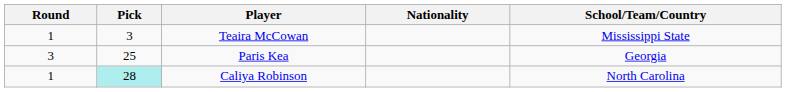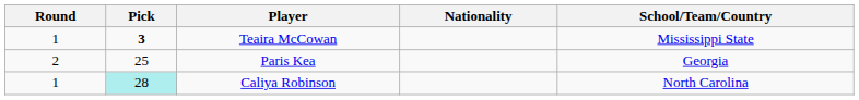 <table class="wikitable" style="text-align:center; width:60em">
 <tr>
 <th>Round</th>
 <th>Pick</th>
 <th>Player</th>
 <th>Nationality</th>
 <th>School/Team/Country</th>
 </tr>
 <tr>
 <td>1</td>
-<td>3</td>
+<td><strong>3</strong></td>
 <td><a href='#'>Teaira McCowan</a></td>
 <td></td>
 <td><a href='#'>Mississippi State</a></td>
 </tr>
 <tr>
-<td>3</td>
+<td>2</td>
 <td>25</td>
 <td><a href='#'>Paris Kea</a></td>
 <td></td>
 <td><a href='#'>Georgia</a></td>
 </tr>
 <tr>
 <td>1</td>
 <td style="background: paleturquoise;">28</td>
 <td><a href='#'>Caliya Robinson</a></td>
 <td></td>
 <td><a href='#'>North Carolina</a></td>
 </tr>
 </table>
